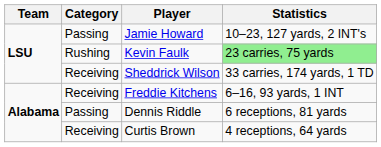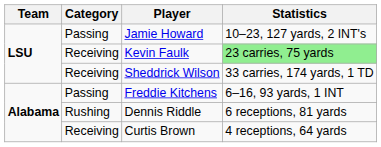 <table class="wikitable" style="float: right;">
 <tr>
 <th>Team</th>
 <th>Category</th>
 <th>Player</th>
 <th>Statistics</th>
 </tr>
 <tr>
 <td rowspan=3><strong>LSU</strong></td>
 <td>Passing</td>
 <td><a href='#'>Jamie Howard</a></td>
 <td>10–23, 127 yards, 2 INT's</td>
 </tr>
 <tr>
-<td>Rushing</td>
+<td>Receiving</td>
 <td><a href='#'>Kevin Faulk</a></td>
 <td style="background: lightgreen;">23 carries, 75 yards</td>
 </tr>
 <tr>
 <td>Receiving</td>
 <td><a href='#'>Sheddrick Wilson</a></td>
 <td>33 carries, 174 yards, 1 TD</td>
 </tr>
 <tr>
 <td rowspan=3><strong>Alabama</strong></td>
-<td>Receiving</td>
+<td>Passing</td>
 <td><a href='#'>Freddie Kitchens</a></td>
 <td>6–16, 93 yards, 1 INT</td>
 </tr>
 <tr>
-<td>Passing</td>
+<td>Rushing</td>
 <td>Dennis Riddle</td>
 <td>6 receptions, 81 yards</td>
 </tr>
 <tr>
 <td>Receiving</td>
 <td>Curtis Brown</td>
 <td>4 receptions, 64 yards</td>
 </tr>
 </table>
